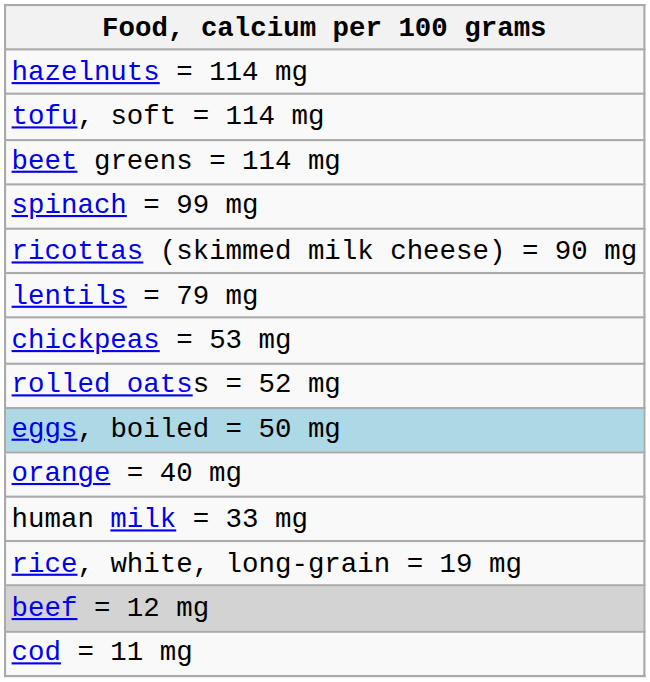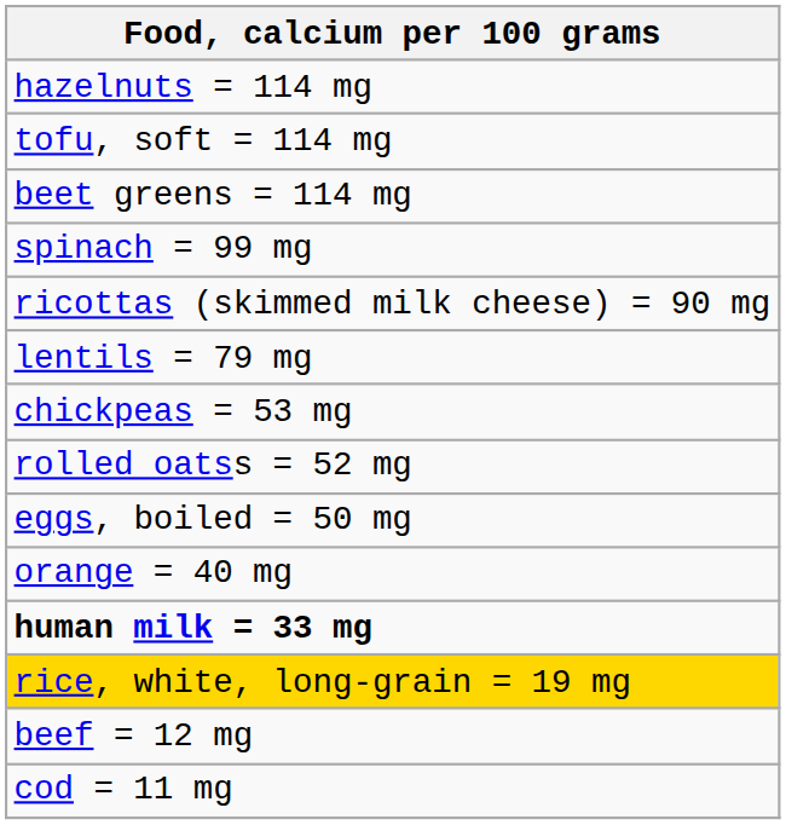 <table class="wikitable">
 <tr>
 <th>Food, calcium per 100 grams</th>
 </tr>
 <tr>
 <td><a href='#'>hazelnuts</a> = 114 mg</td>
 </tr>
 <tr>
 <td><a href='#'>tofu</a>, soft = 114 mg</td>
 </tr>
 <tr>
 <td><a href='#'>beet</a> greens = 114 mg</td>
 </tr>
 <tr>
 <td><a href='#'>spinach</a> = 99 mg</td>
 </tr>
 <tr>
 <td><a href='#'>ricottas</a> (skimmed milk cheese) = 90 mg</td>
 </tr>
 <tr>
 <td><a href='#'>lentils</a> = 79 mg</td>
 </tr>
 <tr>
 <td><a href='#'>chickpeas</a> = 53 mg</td>
 </tr>
 <tr>
 <td><a href='#'>rolled oats</a>s = 52 mg</td>
 </tr>
 <tr>
-<td style="background: lightblue;"><a href='#'>eggs</a>, boiled = 50 mg</td>
+<td><a href='#'>eggs</a>, boiled = 50 mg</td>
 </tr>
 <tr>
 <td><a href='#'>orange</a> = 40 mg</td>
 </tr>
 <tr>
-<td>human <a href='#'>milk</a> = 33 mg</td>
+<td><strong>human <a href='#'>milk</a> = 33 mg</strong></td>
 </tr>
 <tr>
-<td><a href='#'>rice</a>, white, long-grain = 19 mg</td>
+<td style="background: gold;"><a href='#'>rice</a>, white, long-grain = 19 mg</td>
 </tr>
 <tr>
-<td style="background: lightgrey;"><a href='#'>beef</a> = 12 mg</td>
+<td><a href='#'>beef</a> = 12 mg</td>
 </tr>
 <tr>
 <td><a href='#'>cod</a> = 11 mg</td>
 </tr>
 <tr>
 </tr>
 </table>
